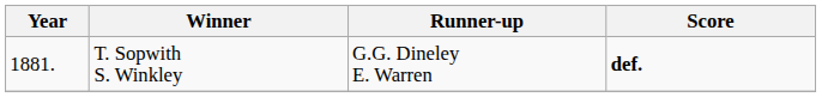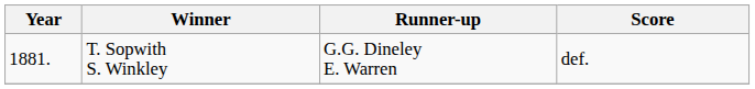 <table class="wikitable">
 <tr>
 <th style="width:60px;">Year</th>
 <th style="width:200px;">Winner</th>
 <th style="width:200px;">Runner-up</th>
 <th style="width:160px;">Score</th>
 </tr>
 <tr>
 <td>1881.</td>
 <td> T. Sopwith <br> S. Winkley</td>
 <td> G.G. Dineley<br> E. Warren</td>
-<td><strong>def.</strong></td>
+<td>def.</td>
 </tr>
 <tr>
 </tr>
 </table>
